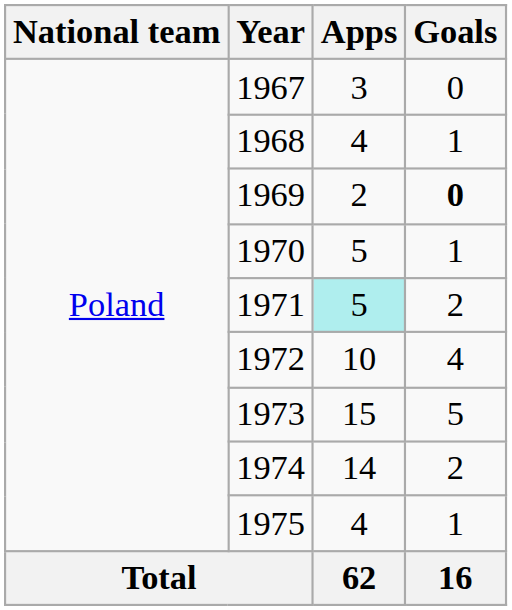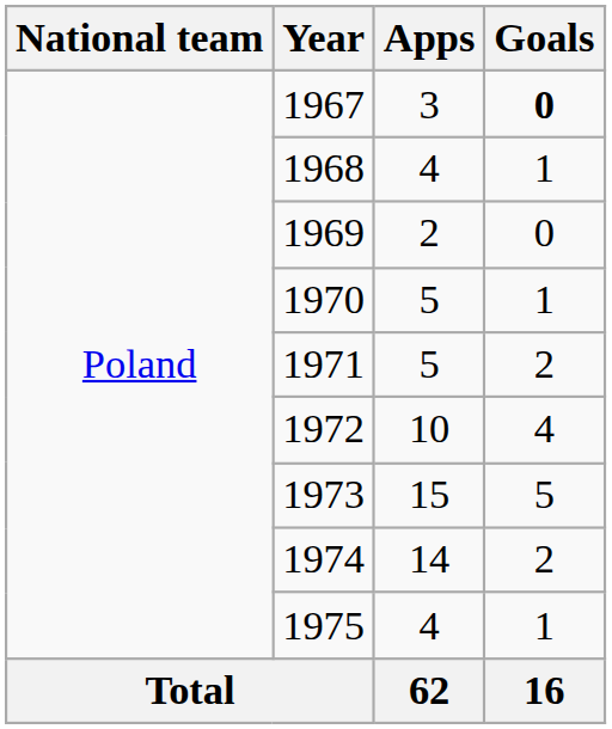 <table class="wikitable" style="text-align:center">
 <tr>
 <th>National team</th>
 <th>Year</th>
 <th>Apps</th>
 <th>Goals</th>
 </tr>
 <tr>
 <td rowspan="9"><a href='#'>Poland</a></td>
 <td>1967</td>
 <td>3</td>
-<td>0</td>
+<td><strong>0</strong></td>
 </tr>
 <tr>
 <td>1968</td>
 <td>4</td>
 <td>1</td>
 </tr>
 <tr>
 <td>1969</td>
 <td>2</td>
-<td><strong>0</strong></td>
+<td>0</td>
 </tr>
 <tr>
 <td>1970</td>
 <td>5</td>
 <td>1</td>
 </tr>
 <tr>
 <td>1971</td>
-<td style="background: paleturquoise;">5</td>
+<td>5</td>
 <td>2</td>
 </tr>
 <tr>
 <td>1972</td>
 <td>10</td>
 <td>4</td>
 </tr>
 <tr>
 <td>1973</td>
 <td>15</td>
 <td>5</td>
 </tr>
 <tr>
 <td>1974</td>
 <td>14</td>
 <td>2</td>
 </tr>
 <tr>
 <td>1975</td>
 <td>4</td>
 <td>1</td>
 </tr>
 <tr>
 <th colspan="2">Total</th>
 <th>62</th>
 <th>16</th>
 </tr>
 </table>
